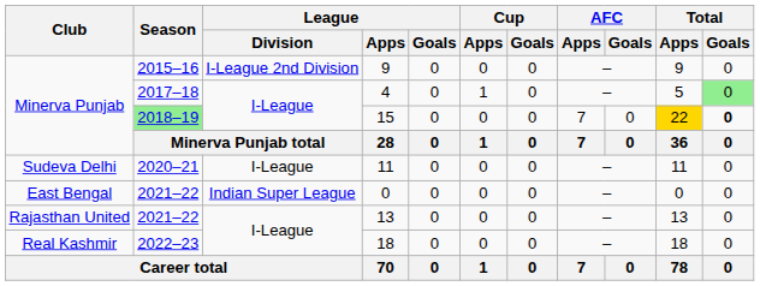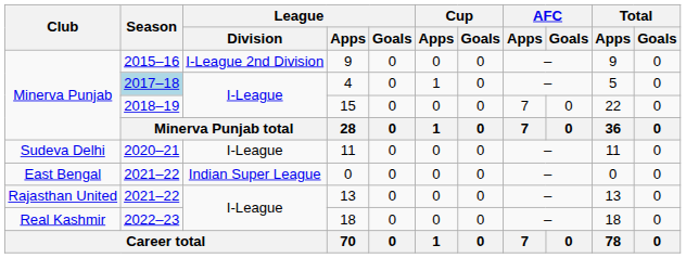 <table class="wikitable" style="text-align: center;">
 <tr>
 <th rowspan="2">Club</th>
 <th rowspan="2">Season</th>
 <th colspan="3">League</th>
 <th colspan="2">Cup</th>
 <th colspan="2"><a href='#'>AFC</a></th>
 <th colspan="2">Total</th>
 </tr>
 <tr>
 <th>Division</th>
 <th>Apps</th>
 <th>Goals</th>
 <th>Apps</th>
 <th>Goals</th>
 <th>Apps</th>
 <th>Goals</th>
 <th>Apps</th>
 <th>Goals</th>
 </tr>
 <tr>
 <td rowspan="4"><a href='#'>Minerva Punjab</a></td>
 <td><a href='#'>2015–16</a></td>
 <td rowspan="1"><a href='#'>I-League 2nd Division</a></td>
 <td>9</td>
 <td>0</td>
 <td>0</td>
 <td>0</td>
 <td colspan="2">–</td>
 <td>9</td>
 <td>0</td>
 </tr>
 <tr>
-<td><a href='#'>2017–18</a></td>
+<td style="background: lightblue;"><a href='#'>2017–18</a></td>
 <td rowspan="2"><a href='#'>I-League</a></td>
 <td>4</td>
 <td>0</td>
 <td>1</td>
 <td>0</td>
 <td colspan="2">–</td>
 <td>5</td>
-<td style="background: lightgreen;">0</td>
+<td>0</td>
 </tr>
 <tr>
-<td style="background: lightgreen;"><a href='#'>2018–19</a></td>
+<td><a href='#'>2018–19</a></td>
 <td>15</td>
 <td>0</td>
 <td>0</td>
 <td>0</td>
 <td>7</td>
 <td>0</td>
-<td style="background: gold;">22</td>
-<td><strong>0</strong></td>
+<td>22</td>
+<td>0</td>
 </tr>
 <tr>
 <th colspan="2">Minerva Punjab total</th>
 <th>28</th>
 <th>0</th>
 <th>1</th>
 <th>0</th>
 <th>7</th>
 <th>0</th>
 <th>36</th>
 <th>0</th>
 </tr>
 <tr>
 <td rowspan="1"><a href='#'>Sudeva Delhi</a></td>
 <td><a href='#'>2020–21</a></td>
 <td rowspan="1">I-League</td>
 <td>11</td>
 <td>0</td>
 <td>0</td>
 <td>0</td>
 <td colspan="2">–</td>
 <td>11</td>
 <td>0</td>
 </tr>
 <tr>
 <td rowspan="1"><a href='#'>East Bengal</a></td>
 <td><a href='#'>2021–22</a></td>
 <td rowspan="1"><a href='#'>Indian Super League</a></td>
 <td>0</td>
 <td>0</td>
 <td>0</td>
 <td>0</td>
 <td colspan="2">–</td>
 <td>0</td>
 <td>0</td>
 </tr>
 <tr>
 <td rowspan="1"><a href='#'>Rajasthan United</a></td>
 <td><a href='#'>2021–22</a></td>
 <td rowspan="2">I-League</td>
 <td>13</td>
 <td>0</td>
 <td>0</td>
 <td>0</td>
 <td colspan="2">–</td>
 <td>13</td>
 <td>0</td>
 </tr>
 <tr>
 <td rowspan="1"><a href='#'>Real Kashmir</a></td>
 <td><a href='#'>2022–23</a></td>
 <td>18</td>
 <td>0</td>
 <td>0</td>
 <td>0</td>
 <td colspan="2">–</td>
 <td>18</td>
 <td>0</td>
 </tr>
 <tr>
 <th colspan="3">Career total</th>
 <th>70</th>
 <th>0</th>
 <th>1</th>
 <th>0</th>
 <th>7</th>
 <th>0</th>
 <th>78</th>
 <th>0</th>
 </tr>
 </table>
